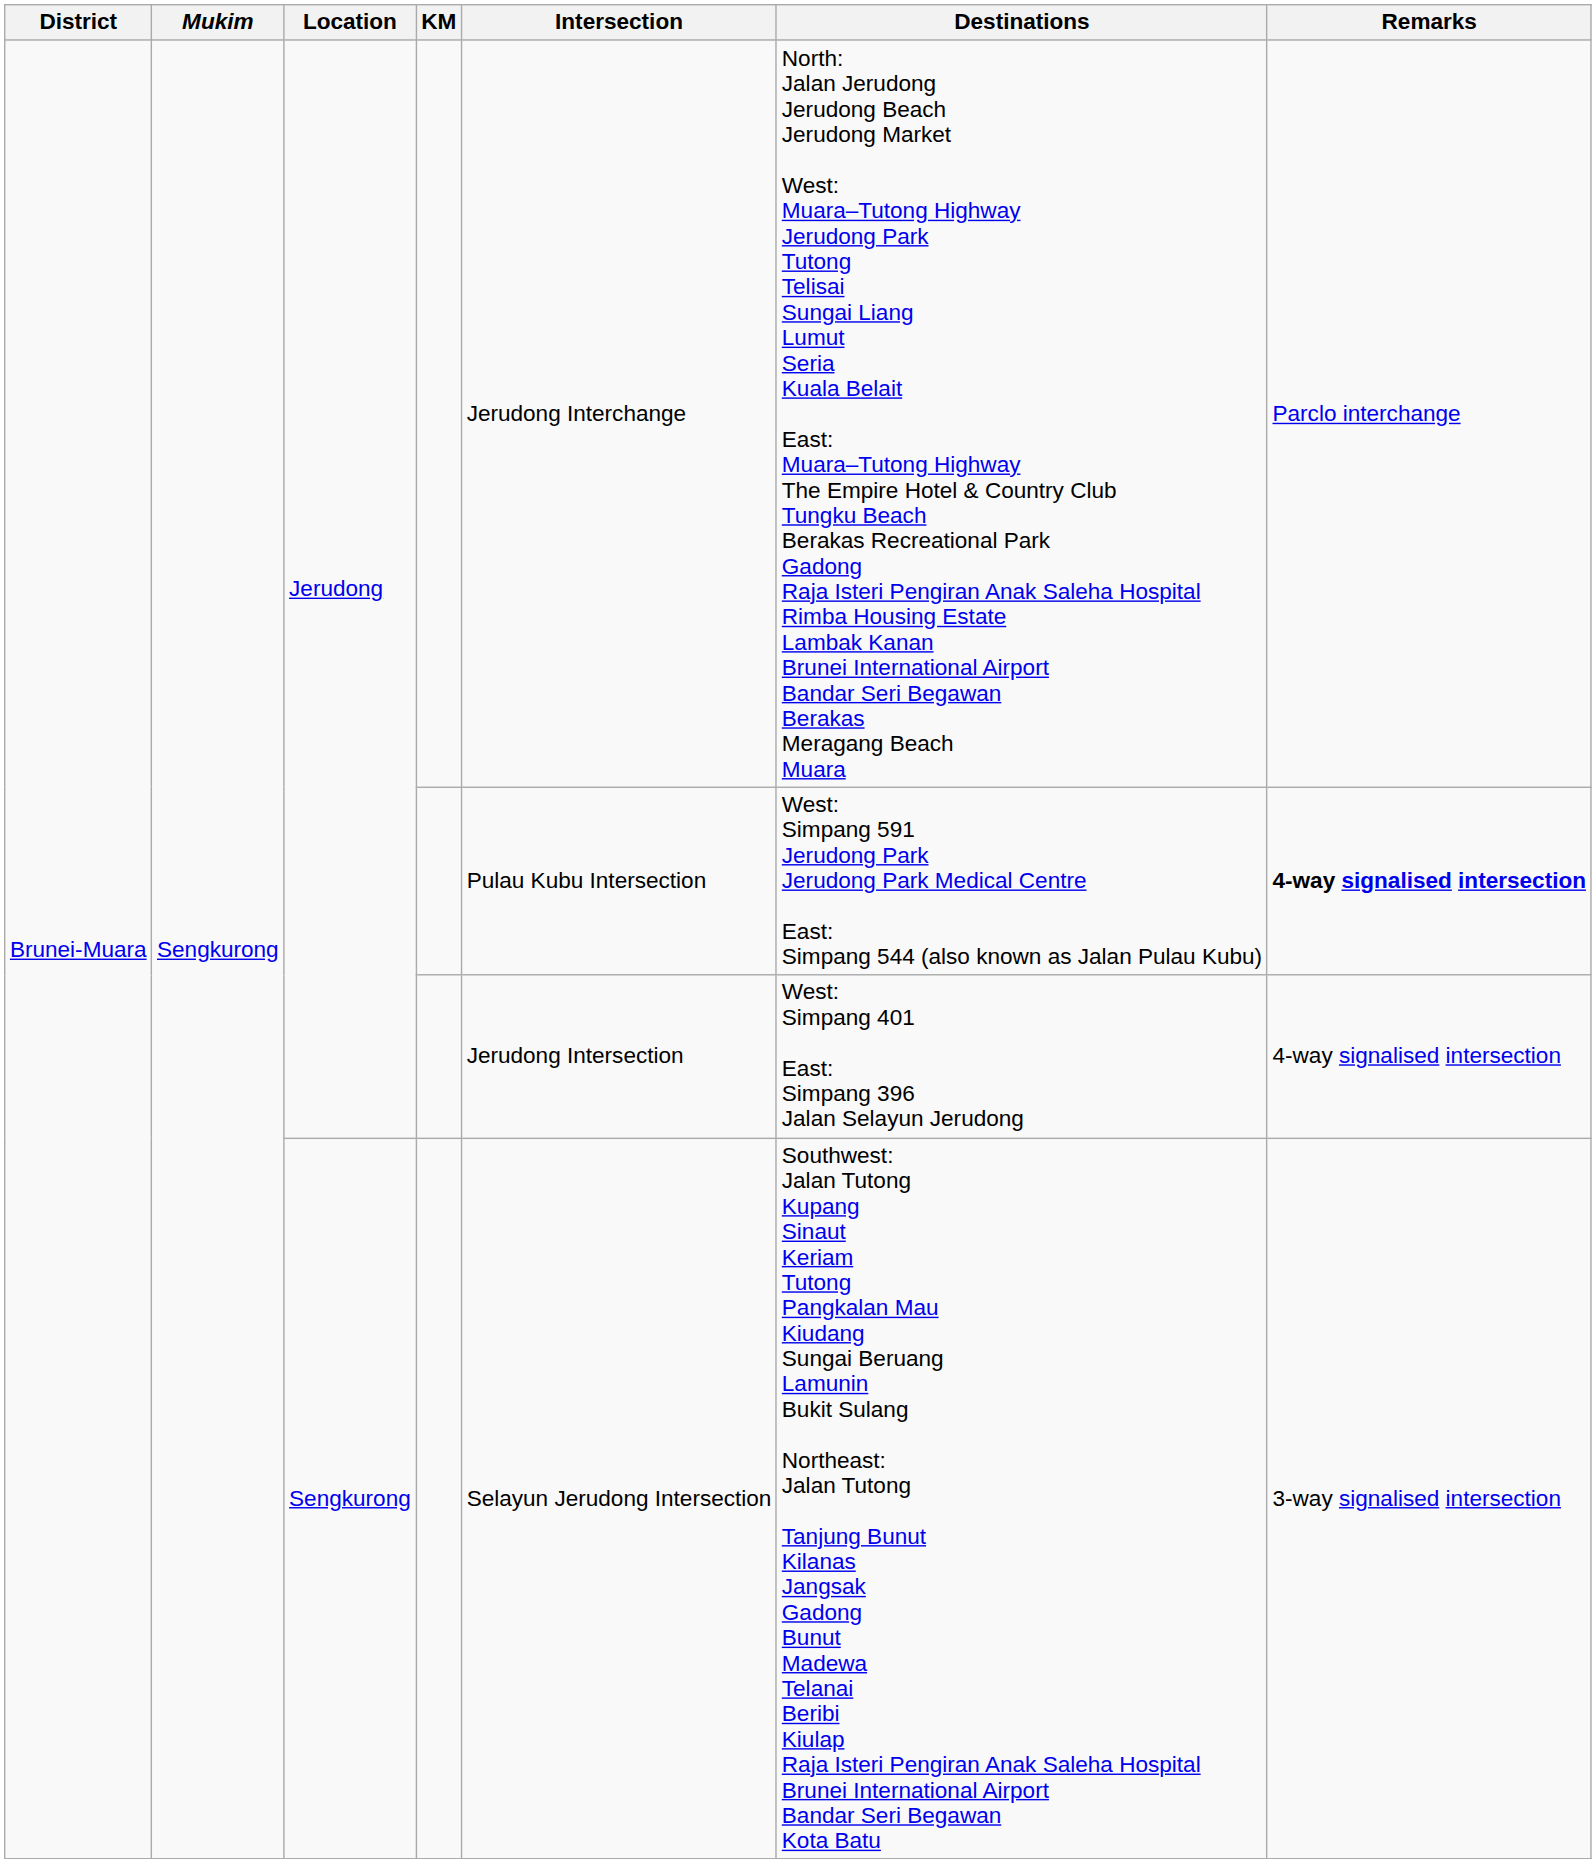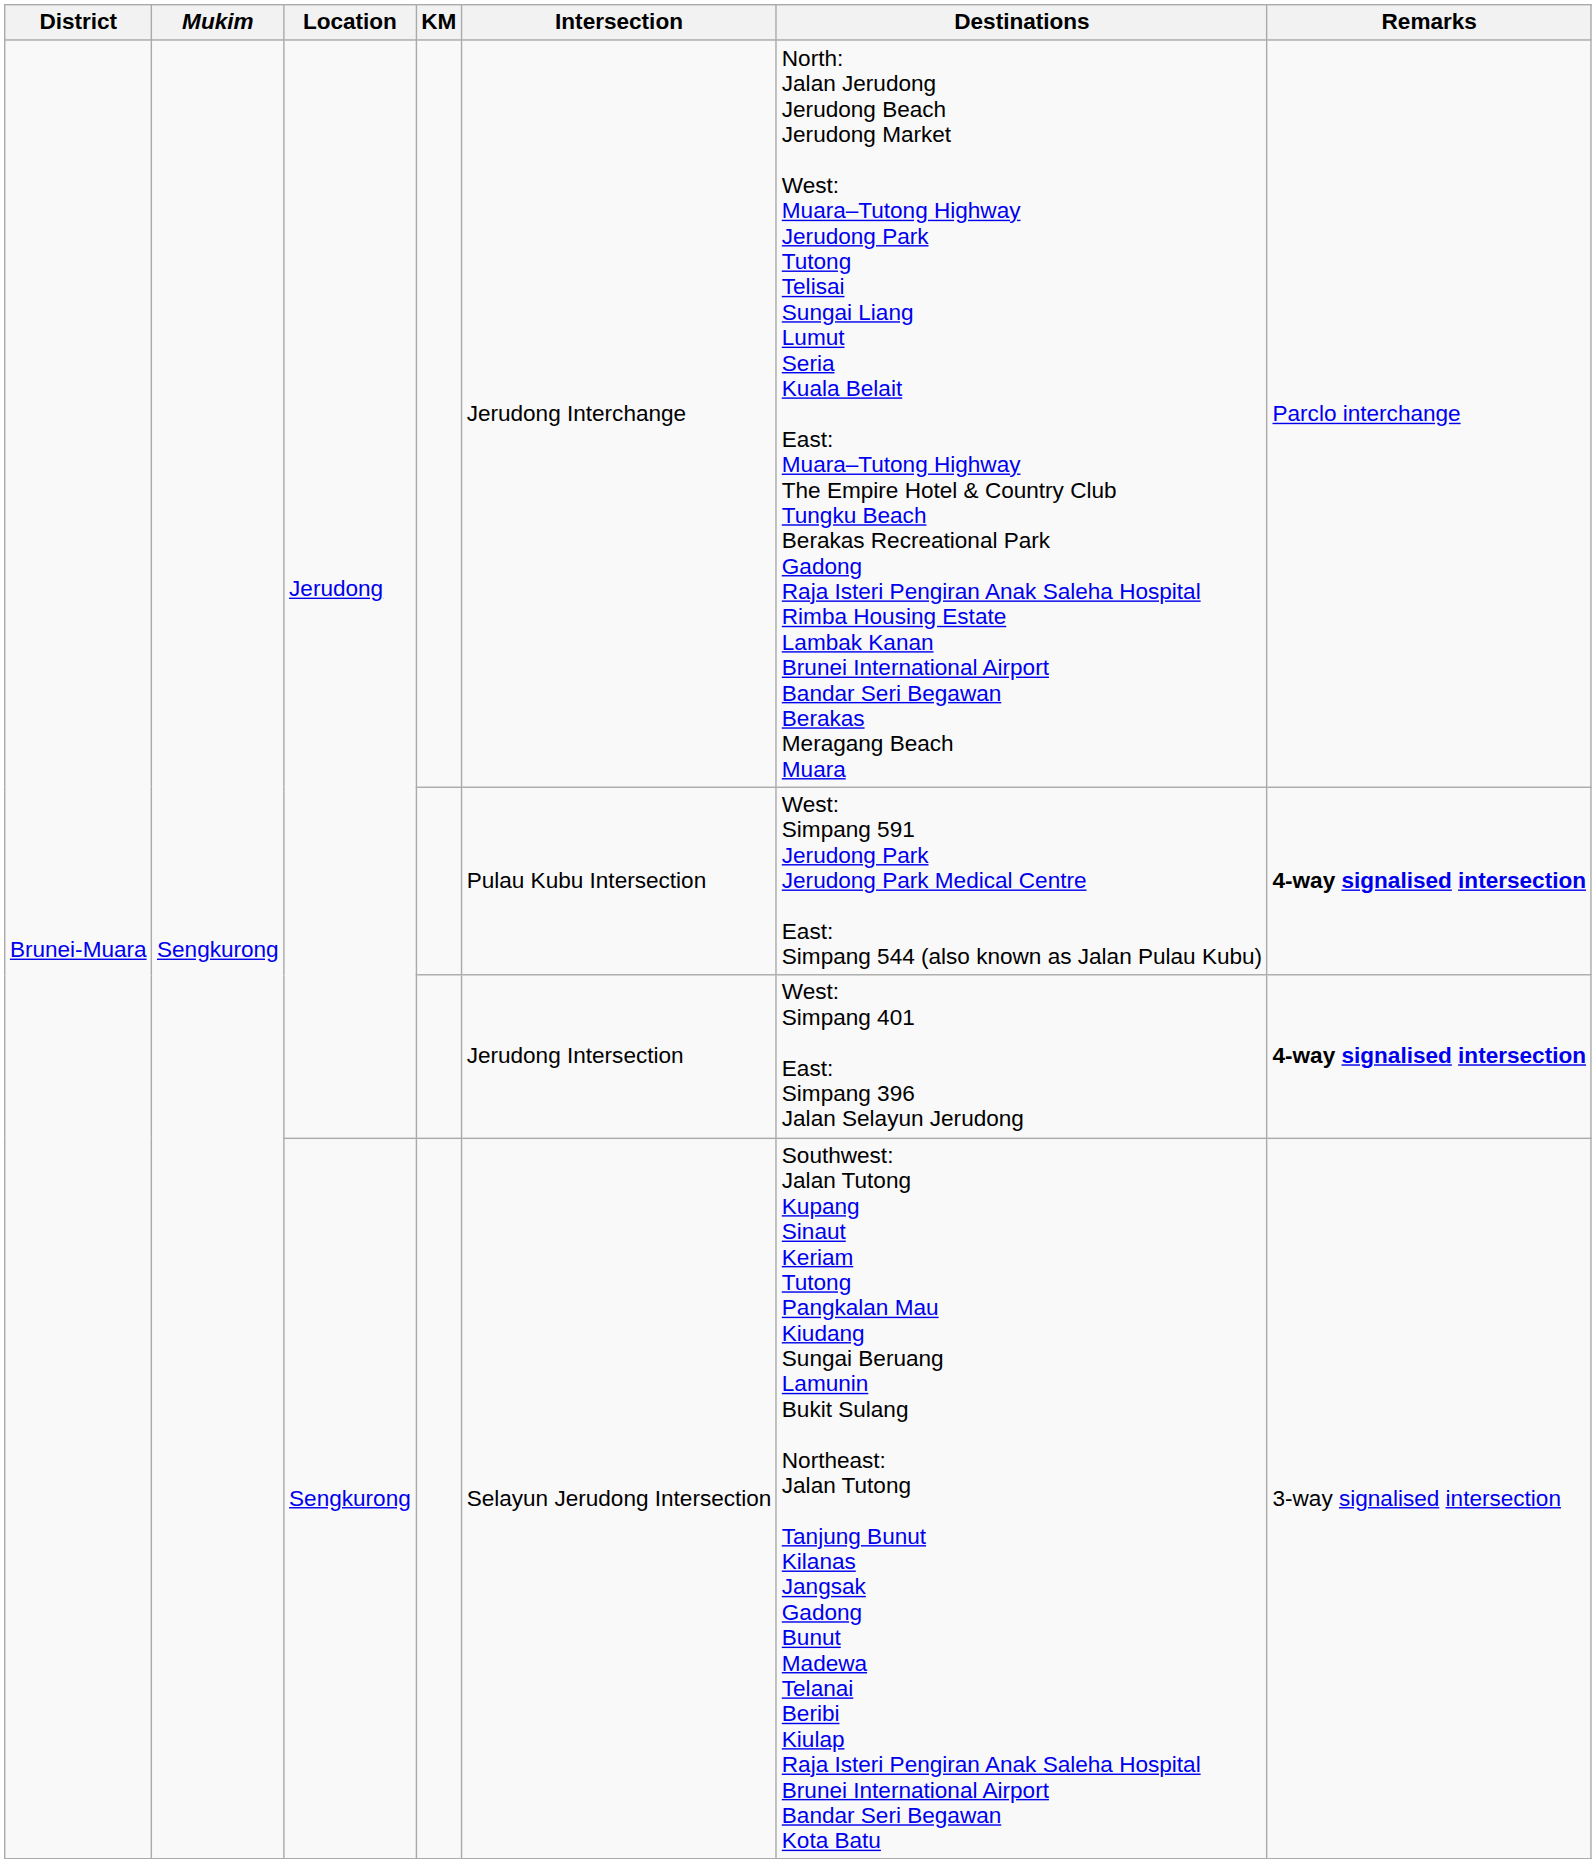 <table class="wikitable">
 <tr>
 <th>District</th>
 <th><em>Mukim</em></th>
 <th>Location</th>
 <th>KM</th>
 <th>Intersection</th>
 <th>Destinations</th>
 <th>Remarks</th>
 </tr>
 <tr>
 <td rowspan="4"><a href='#'>Brunei-Muara</a></td>
 <td rowspan="4"><a href='#'>Sengkurong</a></td>
 <td rowspan="3"><a href='#'>Jerudong</a></td>
 <td></td>
 <td>Jerudong Interchange</td>
 <td>North:<br>Jalan Jerudong<br>Jerudong Beach<br>Jerudong Market<br><br>West:<br>  <a href='#'>Muara–Tutong Highway</a><br><a href='#'>Jerudong Park</a><br><a href='#'>Tutong</a><br><a href='#'>Telisai</a><br><a href='#'>Sungai Liang</a><br><a href='#'>Lumut</a><br><a href='#'>Seria</a><br><a href='#'>Kuala Belait</a><br><br>East:<br> <a href='#'>Muara–Tutong Highway</a><br>The Empire Hotel & Country Club<br><a href='#'>Tungku Beach</a><br>Berakas Recreational Park<br><a href='#'>Gadong</a><br><a href='#'>Raja Isteri Pengiran Anak Saleha Hospital</a> <br><a href='#'>Rimba Housing Estate</a><br><a href='#'>Lambak Kanan</a><br><a href='#'>Brunei International Airport</a> <br><a href='#'>Bandar Seri Begawan</a><br><a href='#'>Berakas</a><br>Meragang Beach<br><a href='#'>Muara</a></td>
 <td><a href='#'>Parclo interchange</a></td>
 </tr>
 <tr>
 <td></td>
 <td>Pulau Kubu Intersection</td>
 <td>West:<br>Simpang 591<br><a href='#'>Jerudong Park</a><br><a href='#'>Jerudong Park Medical Centre</a> <br><br>East:<br>Simpang 544 (also known as Jalan Pulau Kubu)</td>
 <td><strong>4-way <a href='#'>signalised</a> <a href='#'>intersection</a></strong></td>
 </tr>
 <tr>
 <td></td>
 <td>Jerudong Intersection</td>
 <td>West:<br>Simpang 401<br><br>East:<br>Simpang 396<br>Jalan Selayun Jerudong</td>
-<td>4-way <a href='#'>signalised</a> <a href='#'>intersection</a></td>
+<td><strong>4-way <a href='#'>signalised</a> <a href='#'>intersection</a></strong></td>
 </tr>
 <tr>
 <td><a href='#'>Sengkurong</a></td>
 <td></td>
 <td>Selayun Jerudong Intersection</td>
 <td>Southwest:<br>Jalan Tutong<br><a href='#'>Kupang</a><br><a href='#'>Sinaut</a><br><a href='#'>Keriam</a><br><a href='#'>Tutong</a><br><a href='#'>Pangkalan Mau</a><br><a href='#'>Kiudang</a><br>Sungai Beruang<br><a href='#'>Lamunin</a><br>Bukit Sulang<br><br>Northeast:<br> Jalan Tutong<br><br><a href='#'>Tanjung Bunut</a><br><a href='#'>Kilanas</a><br><a href='#'>Jangsak</a><br><a href='#'>Gadong</a><br><a href='#'>Bunut</a><br><a href='#'>Madewa</a><br><a href='#'>Telanai</a><br><a href='#'>Beribi</a><br><a href='#'>Kiulap</a><br><a href='#'>Raja Isteri Pengiran Anak Saleha Hospital</a> <br><a href='#'>Brunei International Airport</a> <br><a href='#'>Bandar Seri Begawan</a><br><a href='#'>Kota Batu</a></td>
 <td>3-way <a href='#'>signalised</a> <a href='#'>intersection</a></td>
 </tr>
 <tr>
 </tr>
 </table>
